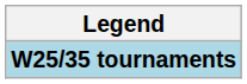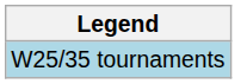 <table class="wikitable" style="font-size:85%">
 <tr>
 <th>Legend</th>
 </tr>
 <tr style="background:lightblue;">
-<td><strong>W25/35 tournaments</strong></td>
+<td>W25/35 tournaments</td>
 </tr>
 </table>
